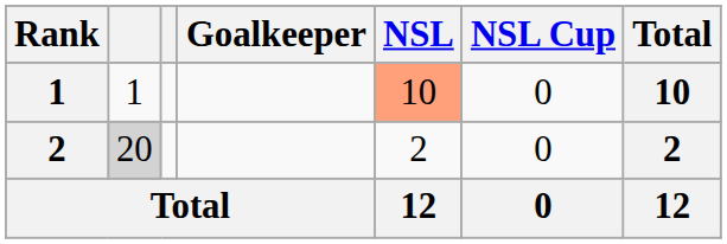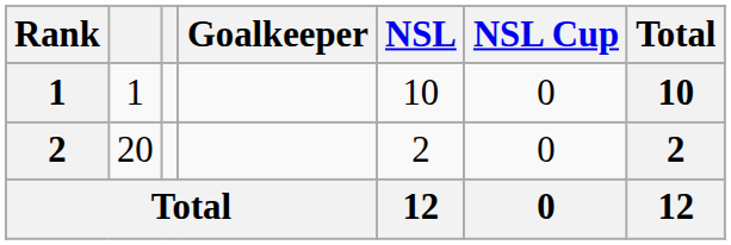 <table class="wikitable sortable" style="text-align:center">
 <tr>
 <th>Rank</th>
 <th></th>
 <th></th>
 <th>Goalkeeper</th>
 <th><a href='#'>NSL</a></th>
 <th><a href='#'>NSL Cup</a></th>
 <th>Total</th>
 </tr>
 <tr>
 <th>1</th>
 <td>1</td>
 <td></td>
 <td align="left"></td>
-<td style="background: lightsalmon;">10</td>
+<td>10</td>
 <td>0</td>
 <th>10</th>
 </tr>
 <tr>
 <th>2</th>
-<td style="background: lightgrey;">20</td>
+<td>20</td>
 <td></td>
 <td align="left"></td>
 <td>2</td>
 <td>0</td>
 <th>2</th>
 </tr>
 <tr>
 <th colspan="4">Total</th>
 <th>12</th>
 <th>0</th>
 <th>12</th>
 </tr>
 </table>
